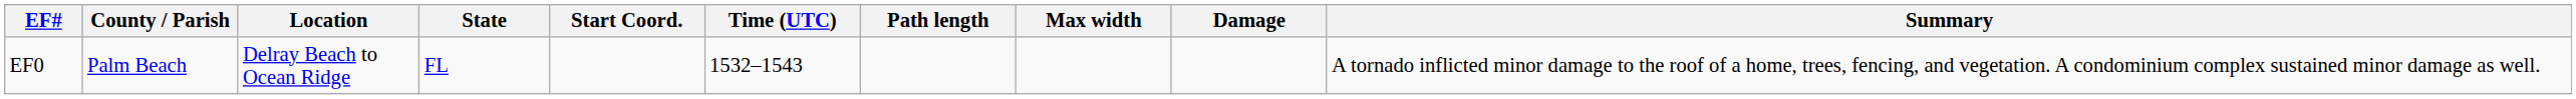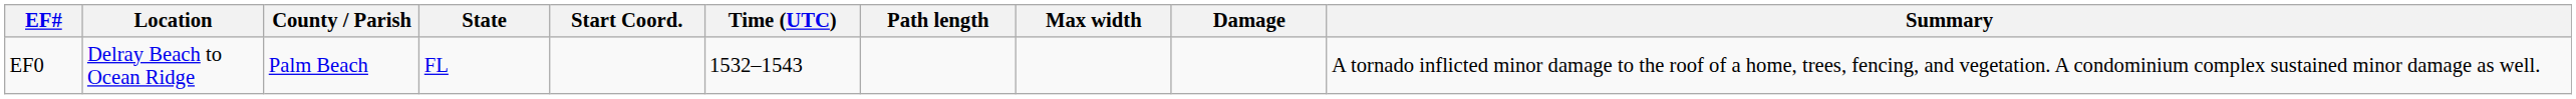 <table class="wikitable sortable" style="width:100%;">
 <tr>
 <th scope="col"  style="width:3%; text-align:center;"><a href='#'>EF#</a></th>
+<th scope="col"  style="width:7%; text-align:center;" class="unsortable">Location</th>
 <th scope="col"  style="width:6%; text-align:center;" class="unsortable">County / Parish</th>
-<th scope="col"  style="width:7%; text-align:center;" class="unsortable">Location</th>
 <th scope="col"  style="width:5%; text-align:center;">State</th>
 <th scope="col"  style="width:6%; text-align:center;">Start Coord.</th>
 <th scope="col"  style="width:6%; text-align:center;">Time (<a href='#'>UTC</a>)</th>
 <th scope="col"  style="width:6%; text-align:center;">Path length</th>
 <th scope="col"  style="width:6%; text-align:center;">Max width</th>
 <th scope="col"  style="width:6%; text-align:center;">Damage</th>
 <th scope="col" class="unsortable" style="width:48%; text-align:center;">Summary</th>
 </tr>
 <tr>
 <td>EF0</td>
+<td><a href='#'>Delray Beach</a> to <a href='#'>Ocean Ridge</a></td>
 <td><a href='#'>Palm Beach</a></td>
-<td><a href='#'>Delray Beach</a> to <a href='#'>Ocean Ridge</a></td>
 <td><a href='#'>FL</a></td>
 <td></td>
 <td>1532–1543</td>
 <td></td>
 <td></td>
 <td></td>
 <td>A tornado inflicted minor damage to the roof of a home, trees, fencing, and vegetation. A condominium complex sustained minor damage as well.</td>
 </tr>
 </table>
